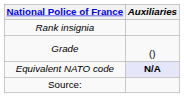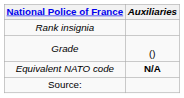 <table class="wikitable" style="text-align: center;">
 <tr>
 <th><a href='#'>National Police of France</a></th>
 <th><em>Auxiliaries</em></th>
 </tr>
 <tr>
 <td><em>Rank insignia</em></td>
 <td></td>
 </tr>
 <tr>
 <td><em>Grade</em></td>
 <td><br>()</td>
 </tr>
 <tr>
 <td><em>Equivalent NATO code</em></td>
-<td style="background: lavender;"><strong>N/A</strong></td>
+<td><strong>N/A</strong></td>
 </tr>
 <tr>
 <td>Source:</td>
 <td colspan=2></td>
 </tr>
 </table>
